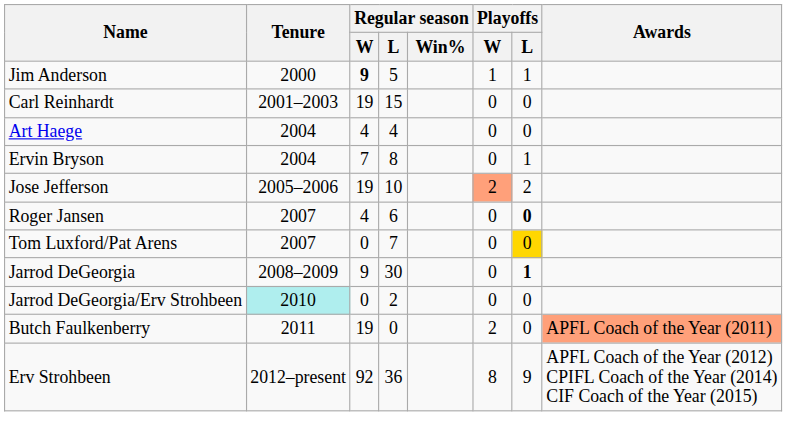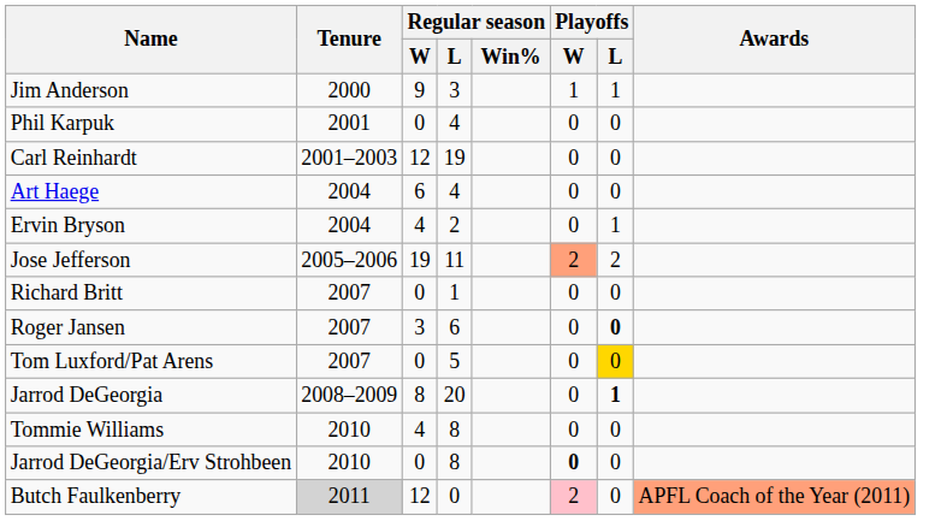 <table class="wikitable">
 <tr>
 <th rowspan="2">Name</th>
 <th rowspan="2">Tenure</th>
 <th colspan="3">Regular season</th>
 <th colspan="2">Playoffs</th>
 <th rowspan="2">Awards</th>
 </tr>
 <tr>
 <th rowspan="1">W</th>
 <th rowspan="1">L</th>
 <th rowspan="1">Win%</th>
 <th rowspan="1">W</th>
 <th rowspan="1">L</th>
 </tr>
 <tr>
 <td>Jim Anderson</td>
 <td style="text-align:center;">2000</td>
-<td style="text-align:center;"><strong>9</strong></td>
-<td style="text-align:center;">5</td>
+<td style="text-align:center;">9</td>
+<td style="text-align:center;">3</td>
 <td style="text-align:center;"></td>
 <td style="text-align:center;">1</td>
 <td style="text-align:center;">1</td>
 <td></td>
 </tr>
 <tr>
+<td>Phil Karpuk</td>
+<td style="text-align:center;">2001</td>
+<td style="text-align:center;">0</td>
+<td style="text-align:center;">4</td>
+<td style="text-align:center;"></td>
+<td style="text-align:center;">0</td>
+<td style="text-align:center;">0</td>
+<td></td>
+</tr>
+<tr>
 <td>Carl Reinhardt</td>
 <td style="text-align:center;">2001–2003</td>
+<td style="text-align:center;">12</td>
 <td style="text-align:center;">19</td>
-<td style="text-align:center;">15</td>
 <td style="text-align:center;"></td>
 <td style="text-align:center;">0</td>
 <td style="text-align:center;">0</td>
 <td></td>
 </tr>
 <tr>
 <td><a href='#'>Art Haege</a></td>
 <td style="text-align:center;">2004</td>
-<td style="text-align:center;">4</td>
+<td style="text-align:center;">6</td>
 <td style="text-align:center;">4</td>
 <td style="text-align:center;"></td>
 <td style="text-align:center;">0</td>
 <td style="text-align:center;">0</td>
 <td></td>
 </tr>
 <tr>
 <td>Ervin Bryson</td>
 <td style="text-align:center;">2004</td>
-<td style="text-align:center;">7</td>
-<td style="text-align:center;">8</td>
+<td style="text-align:center;">4</td>
+<td style="text-align:center;">2</td>
 <td style="text-align:center;"></td>
 <td style="text-align:center;">0</td>
 <td style="text-align:center;">1</td>
 <td></td>
 </tr>
 <tr>
 <td>Jose Jefferson</td>
 <td style="text-align:center;">2005–2006</td>
 <td style="text-align:center;">19</td>
-<td style="text-align:center;">10</td>
+<td style="text-align:center;">11</td>
 <td style="text-align:center;"></td>
 <td style="background: lightsalmon; text-align:center;">2</td>
 <td style="text-align:center;">2</td>
 <td></td>
 </tr>
 <tr>
+<td>Richard Britt</td>
+<td style="text-align:center;">2007</td>
+<td style="text-align:center;">0</td>
+<td style="text-align:center;">1</td>
+<td style="text-align:center;"></td>
+<td style="text-align:center;">0</td>
+<td style="text-align:center;">0</td>
+<td></td>
+</tr>
+<tr>
 <td>Roger Jansen</td>
 <td style="text-align:center;">2007</td>
-<td style="text-align:center;">4</td>
+<td style="text-align:center;">3</td>
 <td style="text-align:center;">6</td>
 <td style="text-align:center;"></td>
 <td style="text-align:center;">0</td>
 <td style="text-align:center;"><strong>0</strong></td>
 <td></td>
 </tr>
 <tr>
 <td>Tom Luxford/Pat Arens</td>
 <td style="text-align:center;">2007</td>
 <td style="text-align:center;">0</td>
-<td style="text-align:center;">7</td>
+<td style="text-align:center;">5</td>
 <td style="text-align:center;"></td>
 <td style="text-align:center;">0</td>
 <td style="background: gold; text-align:center;">0</td>
 <td></td>
 </tr>
 <tr>
 <td>Jarrod DeGeorgia</td>
 <td style="text-align:center;">2008–2009</td>
-<td style="text-align:center;">9</td>
-<td style="text-align:center;">30</td>
+<td style="text-align:center;">8</td>
+<td style="text-align:center;">20</td>
 <td style="text-align:center;"></td>
 <td style="text-align:center;">0</td>
 <td style="text-align:center;"><strong>1</strong></td>
 <td></td>
 </tr>
 <tr>
-<td>Jarrod DeGeorgia/Erv Strohbeen</td>
-<td style="background: paleturquoise; text-align:center;">2010</td>
-<td style="text-align:center;">0</td>
-<td style="text-align:center;">2</td>
+<td>Tommie Williams</td>
+<td style="text-align:center;">2010</td>
+<td style="text-align:center;">4</td>
+<td style="text-align:center;">8</td>
 <td style="text-align:center;"></td>
 <td style="text-align:center;">0</td>
 <td style="text-align:center;">0</td>
 <td></td>
 </tr>
 <tr>
+<td>Jarrod DeGeorgia/Erv Strohbeen</td>
+<td style="text-align:center;">2010</td>
+<td style="text-align:center;">0</td>
+<td style="text-align:center;">8</td>
+<td style="text-align:center;"></td>
+<td style="text-align:center;"><strong>0</strong></td>
+<td style="text-align:center;">0</td>
+<td></td>
+</tr>
+<tr>
 <td>Butch Faulkenberry</td>
-<td style="text-align:center;">2011</td>
-<td style="text-align:center;">19</td>
+<td style="background: lightgrey; text-align:center;">2011</td>
+<td style="text-align:center;">12</td>
 <td style="text-align:center;">0</td>
 <td style="text-align:center;"></td>
-<td style="text-align:center;">2</td>
+<td style="background: pink; text-align:center;">2</td>
 <td style="text-align:center;">0</td>
 <td style="background: lightsalmon;">APFL Coach of the Year (2011)</td>
 </tr>
-<tr>
-<td>Erv Strohbeen</td>
-<td style="text-align:center;">2012–present</td>
-<td style="text-align:center;">92</td>
-<td style="text-align:center;">36</td>
-<td style="text-align:center;"></td>
-<td style="text-align:center;">8</td>
-<td style="text-align:center;">9</td>
-<td>APFL Coach of the Year (2012)<br> CPIFL Coach of the Year (2014)<br> CIF Coach of the Year (2015)</td>
-</tr>
 </table>
